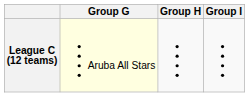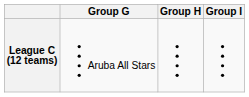 <table class="wikitable" style="line-height:15px;">
 <tr>
 <th colspan=2></th>
 <th>Group G</th>
 <th>Group H</th>
 <th>Group I</th>
 </tr>
 <tr>
 <th colspan=2>League C<br>(12 teams)</th>
-<td style="background: lightyellow;"><br><ul><li></li><li></li><li> Aruba All Stars</li><li></li></ul></td>
+<td><br><ul><li></li><li></li><li> Aruba All Stars</li><li></li></ul></td>
 <td><br><ul><li></li><li></li><li></li><li></li></ul></td>
 <td><br><ul><li></li><li></li><li></li><li></li></ul></td>
 </tr>
 </table>
